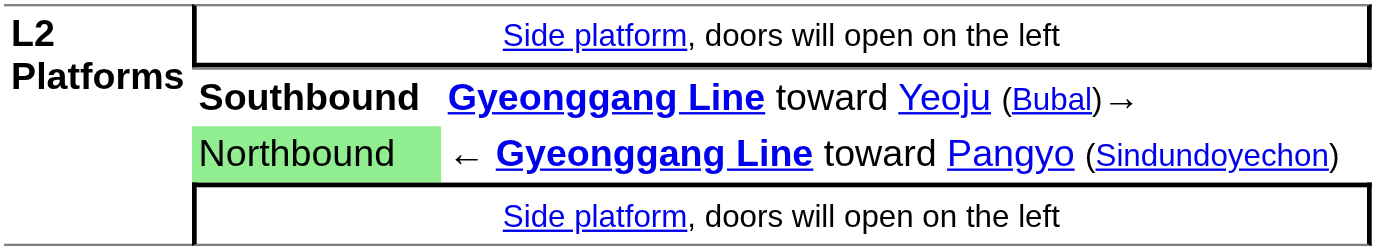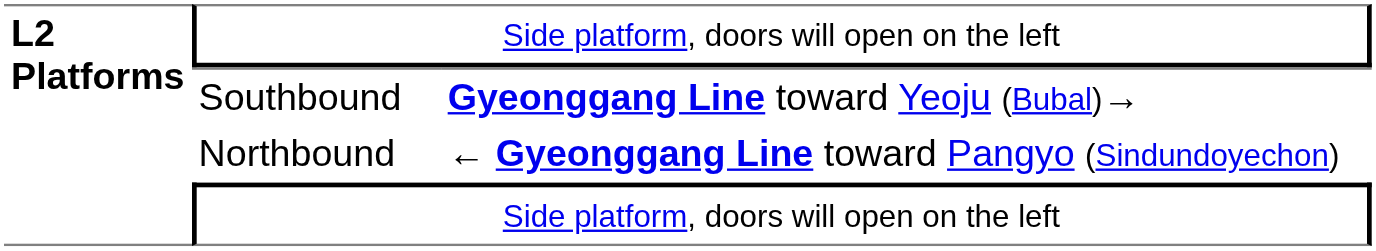 <table table border=0 cellspacing=0 cellpadding=3>
 <tr>
 <td style="border-top:solid 1px gray;border-bottom:solid 1px gray;" width=50 rowspan=10 valign=top><strong>L2<br>Platforms</strong></td>
 <td style="border-top:solid 1px gray;border-right:solid 2px black;border-left:solid 2px black;border-bottom:solid 2px black;text-align:center;" colspan=2><small><a href='#'>Side platform</a>, doors will open on the left</small></td>
 </tr>
 <tr>
-<td style="border-bottom:solid 0px gray;border-top:solid 1px gray;" width=100><strong>Southbound</strong></td>
+<td style="border-bottom:solid 0px gray;border-top:solid 1px gray;" width=100>Southbound</td>
 <td style="border-bottom:solid 0px gray;border-top:solid 1px gray;" width=390> <a href='#'><span><strong>Gyeonggang Line</strong></span></a> toward <a href='#'>Yeoju</a> <small>(<a href='#'>Bubal</a>)</small>→</td>
 </tr>
 <tr>
-<td style="background: lightgreen;">Northbound</td>
+<td>Northbound</td>
 <td>← <a href='#'><span><strong>Gyeonggang Line</strong></span></a> toward <a href='#'>Pangyo</a> <small>(<a href='#'>Sindundoyechon</a>)</small></td>
 </tr>
 <tr>
 <td style="border-top:solid 2px black;border-right:solid 2px black;border-left:solid 2px black;border-bottom:solid 1px gray;text-align:center;" colspan=2><small><a href='#'>Side platform</a>, doors will open on the left</small></td>
 </tr>
 </table>
